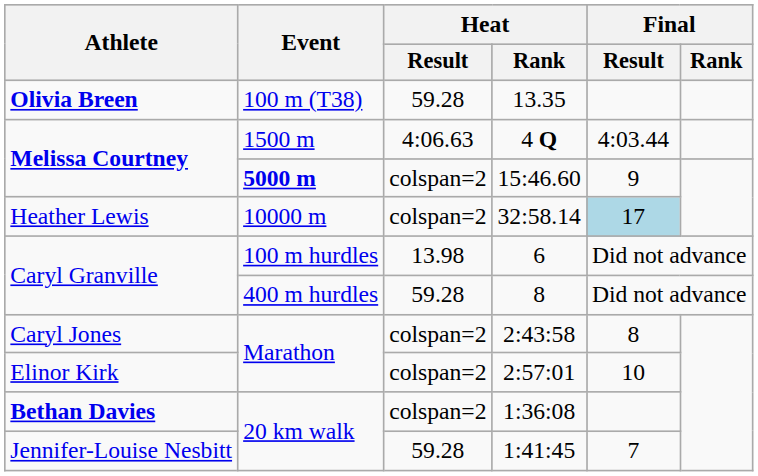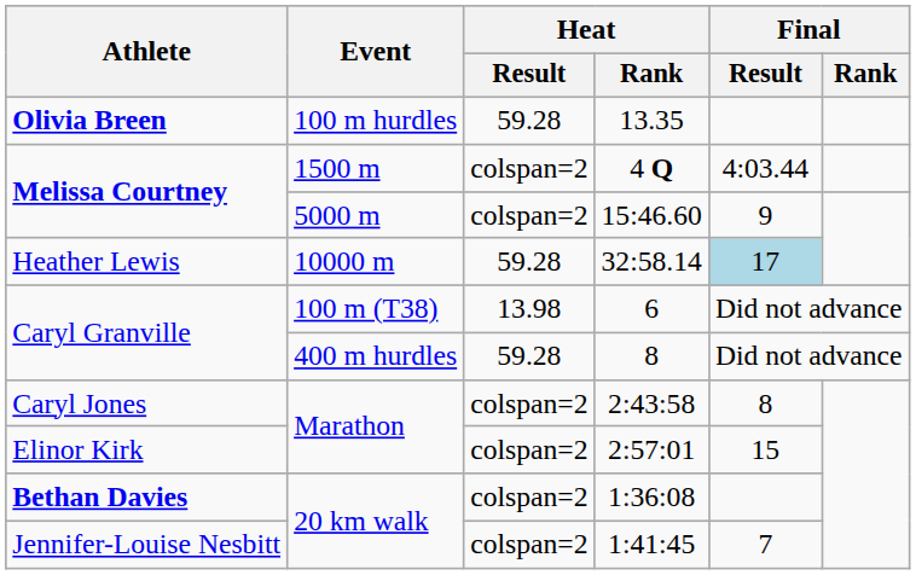 <table class="wikitable" style="font-size:90%">
 <tr>
 <th rowspan=2>Athlete</th>
 <th rowspan=2>Event</th>
 <th colspan=2>Heat</th>
 <th colspan=2>Final</th>
 </tr>
 <tr style="font-size:95%">
 <th>Result</th>
 <th>Rank</th>
 <th>Result</th>
 <th>Rank</th>
 </tr>
 <tr align=center>
 <td align=left><strong><a href='#'>Olivia Breen</a></strong></td>
-<td align=left><a href='#'>100 m (T38)</a></td>
+<td align=left><a href='#'>100 m hurdles</a></td>
 <td>59.28</td>
 <td>13.35</td>
 <td></td>
 </tr>
 <tr align=center>
 <td align=left rowspan=2><strong><a href='#'>Melissa Courtney</a></strong></td>
 <td align=left><a href='#'>1500 m</a></td>
-<td>4:06.63</td>
+<td>colspan=2 </td>
 <td>4 <strong>Q</strong></td>
 <td>4:03.44</td>
 <td></td>
 </tr>
 <tr align=center>
-<td align=left><strong><a href='#'>5000 m</a></strong></td>
+<td align=left><a href='#'>5000 m</a></td>
 <td>colspan=2 </td>
 <td>15:46.60</td>
 <td>9</td>
 </tr>
 <tr align=center>
 <td align=left><a href='#'>Heather Lewis</a></td>
 <td align=left><a href='#'>10000 m</a></td>
-<td>colspan=2 </td>
+<td>59.28</td>
 <td>32:58.14</td>
 <td style="background: lightblue;">17</td>
 </tr>
 <tr align=center>
 <td align=left rowspan=2><a href='#'>Caryl Granville</a></td>
-<td align=left><a href='#'>100 m hurdles</a></td>
+<td align=left><a href='#'>100 m (T38)</a></td>
 <td>13.98</td>
 <td>6</td>
 <td colspan=2>Did not advance</td>
 </tr>
 <tr align=center>
 <td align=left><a href='#'>400 m hurdles</a></td>
 <td>59.28</td>
 <td>8</td>
 <td colspan=2>Did not advance</td>
 </tr>
 <tr align=center>
 <td align=left><a href='#'>Caryl Jones</a></td>
 <td align=left rowspan=2><a href='#'>Marathon</a></td>
 <td>colspan=2 </td>
 <td>2:43:58</td>
 <td>8</td>
 </tr>
 <tr align=center>
 <td align=left><a href='#'>Elinor Kirk</a></td>
 <td>colspan=2 </td>
 <td>2:57:01</td>
-<td>10</td>
+<td>15</td>
 </tr>
 <tr align=center>
 <td align=left><strong><a href='#'>Bethan Davies</a></strong></td>
 <td align=left rowspan=2><a href='#'>20 km walk</a></td>
 <td>colspan=2 </td>
 <td>1:36:08</td>
 <td></td>
 </tr>
 <tr align=center>
 <td align=left><a href='#'>Jennifer-Louise Nesbitt</a></td>
-<td>59.28</td>
+<td>colspan=2 </td>
 <td>1:41:45</td>
 <td>7</td>
 </tr>
 </table>
